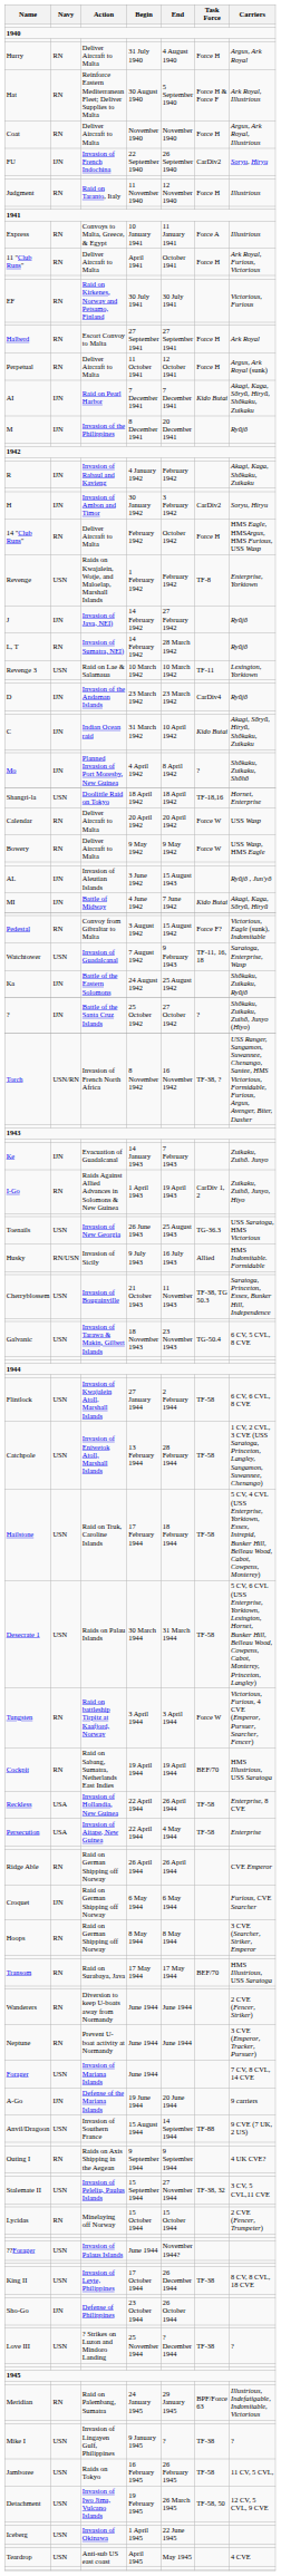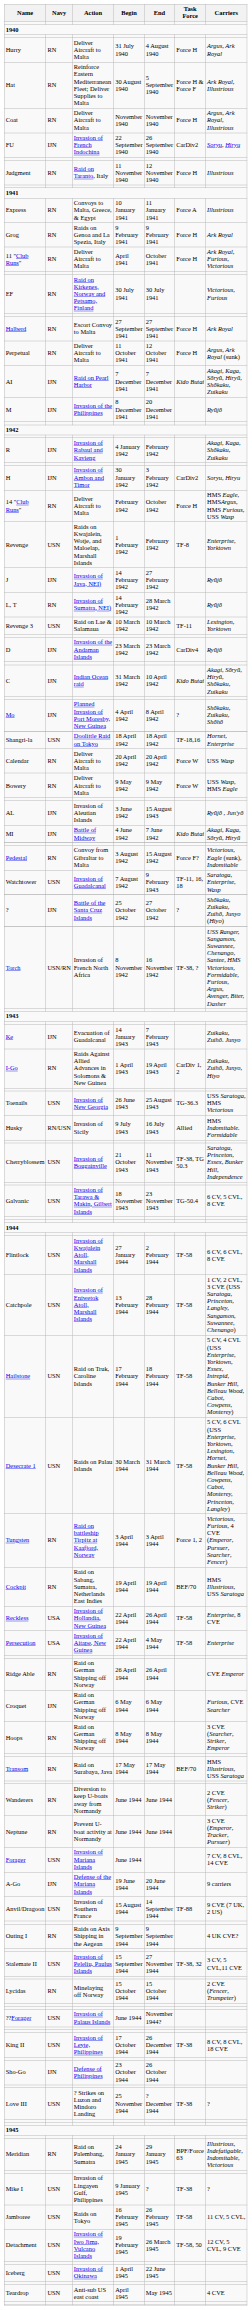 <table class="wikitable sortable">
 <tr>
 <th scope="col">Name</th>
 <th scope="col">Navy</th>
 <th scope="col">Action</th>
 <th scope="col" data-sort-type="date">Begin</th>
 <th scope="col" data-sort-type="date">End</th>
 <th scope="col">Task Force</th>
 <th scope="col">Carriers</th>
 </tr>
 <tr>
 <td></td>
 <td></td>
 <td></td>
 <td></td>
 <td></td>
 <td></td>
 <td></td>
 </tr>
 <tr id="1940">
 <td colspan="7"><strong>1940</strong></td>
 </tr>
 <tr>
 <td></td>
 <td></td>
 <td></td>
 <td></td>
 <td></td>
 <td></td>
 <td></td>
 </tr>
 <tr>
 <td>Hurry</td>
 <td>RN</td>
 <td>Deliver Aircraft to Malta</td>
 <td>31 July 1940</td>
 <td>4 August 1940</td>
 <td>Force H</td>
 <td><em>Argus</em>, <em>Ark Royal</em></td>
 </tr>
 <tr>
 <td>Hat</td>
 <td>RN</td>
 <td>Reinforce Eastern Mediterranean Fleet; Deliver Supplies to Malta</td>
 <td>30 August 1940</td>
 <td>5 September 1940</td>
 <td>Force H & Force F</td>
 <td><em>Ark Royal</em>, <em>Illustrious</em></td>
 </tr>
 <tr>
 <td>Coat</td>
 <td>RN</td>
 <td>Deliver Aircraft to Malta</td>
 <td data-sort-value="1 November 1940">November 1940</td>
 <td data-sort-value="1 November 1940">November 1940</td>
 <td>Force H</td>
 <td><em> Argus</em>, <em>Ark Royal</em>, <em>Illustrious</em></td>
 </tr>
 <tr>
 <td>FU</td>
 <td>IJN</td>
 <td><a href='#'>Invasion of French Indochina</a></td>
 <td>22 September 1940</td>
 <td>26 September 1940</td>
 <td>CarDiv2</td>
 <td><em><a href='#'>Soryu</a></em>, <em><a href='#'>Hiryu</a></em></td>
 </tr>
 <tr>
 <td></td>
 <td></td>
 <td></td>
 <td></td>
 <td></td>
 <td></td>
 <td></td>
 </tr>
 <tr>
 <td>Judgment</td>
 <td>RN</td>
 <td><a href='#'>Raid on Taranto</a>, Italy</td>
 <td>11 November 1940</td>
 <td>12 November 1940</td>
 <td>Force H</td>
 <td><em>Illustrious</em></td>
 </tr>
 <tr>
 <td></td>
 <td></td>
 <td></td>
 <td></td>
 <td></td>
 <td></td>
 <td></td>
 </tr>
 <tr id="1941">
 <td colspan="7"><strong>1941</strong></td>
 </tr>
 <tr>
 <td>Express</td>
 <td>RN</td>
 <td>Convoys to Malta, Greece, & Egypt</td>
 <td>10 January 1941</td>
 <td>11 January 1941</td>
 <td>Force A</td>
 <td><em>Illustrious</em></td>
+</tr>
+<tr>
+<td>Grog</td>
+<td>RN</td>
+<td>Raids on Genoa and La Spezia, Italy</td>
+<td>9 February 1941</td>
+<td>9 February 1941</td>
+<td>Force H</td>
+<td><em>Ark Royal</em></td>
 </tr>
 <tr>
 <td>11 "<a href='#'>Club Runs</a>"</td>
 <td>RN</td>
 <td>Deliver Aircraft to Malta</td>
 <td data-sort-value="1 April 1941">April 1941</td>
 <td data-sort-value="1 October 1941">October 1941</td>
 <td>Force H</td>
 <td><em>Ark Royal</em>, <em>Furious</em>, <em>Victorious</em></td>
 </tr>
 <tr>
 <td></td>
 <td></td>
 <td></td>
 <td></td>
 <td></td>
 <td></td>
 <td></td>
 </tr>
 <tr>
 <td>EF</td>
 <td>RN</td>
 <td><a href='#'>Raid on Kirkenes, Norway and Petsamo, Finland</a></td>
 <td>30 July 1941</td>
 <td>30 July 1941</td>
 <td></td>
 <td><em>Victorious</em>, <em>Furious</em></td>
 </tr>
 <tr>
 <td></td>
 <td></td>
 <td></td>
 <td></td>
 <td></td>
 <td></td>
 <td></td>
 </tr>
 <tr>
 <td><a href='#'>Halberd</a></td>
 <td>RN</td>
 <td>Escort Convoy to Malta</td>
 <td>27 September 1941</td>
 <td>27 September 1941</td>
 <td>Force H</td>
 <td><em>Ark Royal</em></td>
 </tr>
 <tr>
 <td>Perpetual</td>
 <td>RN</td>
 <td>Deliver Aircraft to Malta</td>
 <td>11 October 1941</td>
 <td>12 October 1941</td>
 <td>Force H</td>
 <td><em>Argus</em>, <em>Ark Royal</em> (sunk)</td>
 </tr>
 <tr>
 <td>AI</td>
 <td>IJN</td>
 <td><a href='#'>Raid on Pearl Harbor</a></td>
 <td>7 December 1941</td>
 <td>7 December 1941</td>
 <td><em>Kido Butai</em></td>
 <td><em>Akagi</em>, <em>Kaga</em>, <em>Sōryū</em>, <em>Hiryū</em>, <em>Shōkaku</em>, <em>Zuikaku</em></td>
 </tr>
 <tr>
 <td>M</td>
 <td>IJN</td>
 <td><a href='#'>Invasion of the Philippines</a></td>
 <td>8 December 1941</td>
 <td>20 December 1941</td>
 <td></td>
 <td><em>Ryūjō</em></td>
 </tr>
 <tr>
 <td></td>
 <td></td>
 <td></td>
 <td></td>
 <td></td>
 <td></td>
 <td></td>
 </tr>
 <tr id="1942">
 <td colspan="7"><strong>1942</strong></td>
 </tr>
 <tr>
 <td></td>
 <td></td>
 <td></td>
 <td></td>
 <td></td>
 <td></td>
 <td></td>
 </tr>
 <tr>
 <td>R</td>
 <td>IJN</td>
 <td><a href='#'>Invasion of Rabaul and Kavieng</a></td>
 <td>4 January 1942</td>
 <td data-sort-value="1 February 1942">February 1942</td>
 <td></td>
 <td><em>Akagi</em>, <em>Kaga</em>, <em>Shōkaku</em>, <em>Zuikaku</em></td>
 </tr>
 <tr>
 <td></td>
 <td></td>
 <td></td>
 <td></td>
 <td></td>
 <td></td>
 <td></td>
 </tr>
 <tr>
 <td>H</td>
 <td>IJN</td>
 <td><a href='#'>Invasion of Ambon and Timor</a></td>
 <td>30 January 1942</td>
 <td>3 February 1942</td>
 <td>CarDiv2</td>
 <td><em>Soryu</em>, <em>Hiryu</em></td>
 </tr>
 <tr>
 <td>14 "<a href='#'>Club Runs</a>"</td>
 <td>RN</td>
 <td>Deliver Aircraft to Malta</td>
 <td data-sort-value="1 February 1942">February 1942</td>
 <td data-sort-value="1 October 1942">October 1942</td>
 <td>Force H</td>
 <td>HMS <em>Eagle</em>, HMS<em>Argus</em>, HMS <em>Furious</em>, USS <em>Wasp</em></td>
 </tr>
 <tr>
 <td>Revenge</td>
 <td>USN</td>
 <td>Raids on Kwajalein, Wotje, and Maloelap, Marshall Islands</td>
 <td>1 February 1942</td>
 <td data-sort-value="1 February 1942">February 1942</td>
 <td>TF-8</td>
 <td><em>Enterprise</em>, <em>Yorktown</em></td>
 </tr>
 <tr>
 <td>J</td>
 <td>IJN</td>
 <td><a href='#'>Invasion of Java, NEI)</a></td>
 <td>14 February 1942</td>
 <td>27 February 1942</td>
 <td></td>
 <td><em>Ryūjō</em></td>
 </tr>
 <tr>
 <td>L, T</td>
 <td>RN</td>
 <td><a href='#'>Invasion of Sumatra, NEI)</a></td>
 <td>14 February 1942</td>
 <td>28 March 1942</td>
 <td></td>
 <td><em>Ryūjō</em></td>
 </tr>
 <tr>
 <td>Revenge 3</td>
 <td>USN</td>
 <td>Raid on Lae & Salamaua</td>
 <td>10 March 1942</td>
 <td>10 March 1942</td>
 <td>TF-11</td>
 <td><em>Lexington</em>, <em>Yorktown</em></td>
 </tr>
 <tr>
 <td></td>
 <td></td>
 <td></td>
 <td></td>
 <td></td>
 <td></td>
 <td></td>
 </tr>
 <tr>
 <td>D</td>
 <td>IJN</td>
 <td><a href='#'>Invasion of the Andaman Islands</a></td>
 <td>23 March 1942</td>
 <td>23 March 1942</td>
 <td>CarDiv4</td>
 <td><em>Ryūjō</em></td>
 </tr>
 <tr>
 <td></td>
 <td></td>
 <td></td>
 <td></td>
 <td></td>
 <td></td>
 <td></td>
 </tr>
 <tr>
 <td>C</td>
 <td>IJN</td>
 <td><a href='#'>Indian Ocean raid</a></td>
 <td>31 March 1942</td>
 <td>10 April 1942</td>
 <td><em>Kido Butai</em></td>
 <td><em>Akagi</em>, <em>Sōryū</em>, <em>Hiryū</em>, <em>Shōkaku</em>, <em>Zuikaku</em></td>
 </tr>
 <tr>
 <td></td>
 <td></td>
 <td></td>
 <td></td>
 <td></td>
 <td></td>
 <td></td>
 </tr>
 <tr>
 <td><a href='#'>Mo</a></td>
 <td>IJN</td>
 <td><a href='#'>Planned Invasion of Port Moresby, New Guinea</a></td>
 <td>4 April 1942</td>
 <td>8 April 1942</td>
 <td>?</td>
 <td><em>Shōkaku</em>, <em>Zuikaku</em>, <em>Shōhō </em></td>
 </tr>
 <tr>
 </tr>
 <tr - ||USN || >
 </tr>
 <tr>
 <td>Shangri-la</td>
 <td>USN</td>
 <td><a href='#'>Doolittle Raid on Tokyo</a></td>
 <td>18 April 1942</td>
 <td>18 April 1942</td>
 <td>TF-18,16</td>
 <td><em>Hornet</em>, <em>Enterprise</em></td>
 </tr>
 <tr>
 <td>Calendar</td>
 <td>RN</td>
 <td>Deliver Aircraft to Malta</td>
 <td>20 April 1942</td>
 <td>20 April 1942</td>
 <td>Force W</td>
 <td>USS <em>Wasp</em></td>
 </tr>
 <tr>
 <td>Bowery</td>
 <td>RN</td>
 <td>Deliver Aircraft to Malta</td>
 <td>9 May 1942</td>
 <td>9 May 1942</td>
 <td>Force W</td>
 <td>USS <em>Wasp</em>, HMS <em>Eagle</em></td>
 </tr>
 <tr>
 <td></td>
 <td></td>
 <td></td>
 <td></td>
 <td></td>
 <td></td>
 <td></td>
 </tr>
 <tr>
 <td>AL</td>
 <td>IJN</td>
 <td>Invasion of Aleutian Islands</td>
 <td>3 June 1942</td>
 <td>15 August 1943</td>
 <td></td>
 <td><em>Ryūjō </em>, <em>Jun'yō </em></td>
 </tr>
 <tr>
 <td>MI</td>
 <td>IJN</td>
 <td><a href='#'>Battle of Midway</a></td>
 <td>4 June 1942</td>
 <td>7 June 1942</td>
 <td><em>Kido Butai</em></td>
 <td><em>Akagi</em>, <em>Kaga</em>, <em>Sōryū</em>, <em>Hiryū</em></td>
 </tr>
 <tr>
 </tr>
 <tr - ||USN ||>
 </tr>
 <tr>
 <td></td>
 <td></td>
 <td></td>
 <td></td>
 <td></td>
 <td></td>
 <td></td>
 </tr>
 <tr>
 <td><a href='#'>Pedestal</a></td>
 <td>RN</td>
 <td>Convoy from Gibraltar to Malta</td>
 <td>3 August 1942</td>
 <td>15 August 1942</td>
 <td>Force F?</td>
 <td><em>Victorious</em>, <em>Eagle</em> (sunk), <em>Indomitable</em></td>
 </tr>
 <tr>
 <td>Watchtower</td>
 <td>USN</td>
 <td><a href='#'>Invasion of Guadalcanal</a></td>
 <td>7 August 1942</td>
 <td>9 February 1943</td>
 <td>TF-11, 16, 18</td>
 <td><em>Saratoga</em>, <em>Enterprise</em>, <em>Wasp</em></td>
 </tr>
 <tr>
-<td>Ka</td>
-<td>IJN</td>
-<td><a href='#'>Battle of the Eastern Solomons</a></td>
-<td>24 August 1942</td>
-<td>25 August 1942</td>
-<td></td>
-<td><em>Shōkaku</em>, <em>Zuikaku</em>, <em>Ryūjō</em></td>
-</tr>
-<tr>
 </tr>
 <tr - ||USN ||>
 </tr>
 <tr>
 <td>?</td>
 <td>IJN</td>
 <td><a href='#'>Battle of the Santa Cruz Islands</a></td>
 <td>25 October 1942</td>
 <td>27 October 1942</td>
 <td>?</td>
 <td><em>Shōkaku</em>, <em>Zuikaku</em>, <em>Zuihō, Junyo </em> (<em>Hiyo</em>)</td>
 </tr>
 <tr>
 </tr>
 <tr - ||USN ||>
 </tr>
 <tr>
 <td><a href='#'>Torch</a></td>
 <td>USN/RN</td>
 <td>Invasion of French North Africa</td>
 <td>8 November 1942</td>
 <td>16 November 1942</td>
 <td>TF-38, ?</td>
 <td><em>USS Ranger, Sangamon, Suwannee, Chenango, Santee, HMS Victorious, Formidable, Furious, Argus, Avenger, Biter, Dasher</em></td>
 </tr>
 <tr>
 <td></td>
 <td></td>
 <td></td>
 <td></td>
 <td></td>
 <td></td>
 <td></td>
 </tr>
 <tr id="1943">
 <td colspan="7"><strong>1943</strong></td>
 </tr>
 <tr>
 <td></td>
 <td></td>
 <td></td>
 <td></td>
 <td></td>
 <td></td>
 <td></td>
 </tr>
 <tr>
 <td><a href='#'>Ke</a></td>
 <td>IJN</td>
 <td>Evacuation of Guadalcanal</td>
 <td>14 January 1943</td>
 <td>7 February 1943</td>
 <td></td>
 <td><em>Zuikaku</em>, <em>Zuihō</em>. <em>Junyo</em></td>
 </tr>
 <tr>
 <td><a href='#'>I-Go</a></td>
 <td>RN</td>
 <td>Raids Against Allied Advances in Solomons & New Guinea</td>
 <td>1 April 1943</td>
 <td>19 April 1943</td>
 <td>CarDiv 1, 2</td>
 <td><em>Zuikaku</em>, <em>Zuihō</em>, <em>Junyo</em>, <em>Hiyo</em></td>
 </tr>
 <tr>
 <td></td>
 <td></td>
 <td></td>
 <td></td>
 <td></td>
 <td></td>
 <td></td>
 </tr>
 <tr>
 <td>Toenails</td>
 <td>USN</td>
 <td><a href='#'>Invasion of New Georgia</a></td>
 <td>26 June 1943</td>
 <td>25 August 1943</td>
 <td>TG-36.3</td>
 <td>USS <em>Saratoga</em>, HMS <em>Victorious</em></td>
 </tr>
 <tr>
 <td>Husky</td>
 <td>RN/USN</td>
 <td>Invasion of Sicily</td>
 <td>9 July 1943</td>
 <td>16 July 1943</td>
 <td>Allied</td>
 <td>HMS <em>Indomitable. Formidable</em></td>
 </tr>
 <tr>
 <td></td>
 <td></td>
 <td></td>
 <td></td>
 <td></td>
 <td></td>
 <td></td>
 </tr>
 <tr>
 <td>Cherryblossem</td>
 <td>USN</td>
 <td><a href='#'>Invasion of Bougainville</a></td>
 <td>21 October 1943</td>
 <td>11 November 1943</td>
 <td>TF-38, TG 50.3</td>
 <td><em>Saratoga, Princeton, Essex, Bunker Hill, Independence</em></td>
 </tr>
 <tr>
 <td></td>
 <td></td>
 <td></td>
 <td></td>
 <td></td>
 <td></td>
 <td></td>
 </tr>
 <tr>
 <td>Galvanic</td>
 <td>USN</td>
 <td><a href='#'>Invasion of Tarawa & Makin, Gilbert Islands</a></td>
 <td>18 November 1943</td>
 <td>23 November 1943</td>
 <td>TG-50.4</td>
 <td>6 CV, 5 CVL, 8 CVE</td>
 </tr>
 <tr>
 <td></td>
 <td></td>
 <td></td>
 <td></td>
 <td></td>
 <td></td>
 <td></td>
 </tr>
 <tr>
 <td></td>
 <td></td>
 <td></td>
 <td></td>
 <td></td>
 <td></td>
 <td></td>
 </tr>
 <tr id="1944">
 <td colspan="7"><strong>1944</strong></td>
 </tr>
 <tr>
 <td></td>
 <td></td>
 <td></td>
 <td></td>
 <td></td>
 <td></td>
 <td></td>
 </tr>
 <tr>
 <td>Flintlock</td>
 <td>USN</td>
 <td><a href='#'>Invasion of Kwajalein Atoll, Marshall Islands</a></td>
 <td>27 January 1944</td>
 <td>2 February 1944</td>
 <td>TF-58</td>
 <td>6 CV, 6 CVL, 8 CVE</td>
 </tr>
 <tr>
 <td>Catchpole</td>
 <td>USN</td>
 <td><a href='#'>Invasion of Eniwetok Atoll, Marshall Islands</a></td>
 <td>13 February 1944</td>
 <td>28 February 1944</td>
 <td>TF-58</td>
 <td>1 CV, 2 CVL, 3 CVE (USS <em>Saratoga</em>, <em>Princeton, Langley, Sangamon, Suwannee, Chenango</em>)</td>
 </tr>
 <tr>
 <td><a href='#'>Hailstone</a></td>
 <td>USN</td>
 <td>Raid on Truk, Caroline Islands</td>
 <td>17 February 1944</td>
 <td>18 February 1944</td>
 <td>TF-58</td>
 <td>5 CV, 4 CVL (USS <em>Enterprise, Yorktown, Essex, Intrepid, Bunker Hill, Belleau Wood, Cabot, Cowpens, Monterey</em>)</td>
 </tr>
 <tr>
 <td><a href='#'>Desecrate 1</a></td>
 <td>USN</td>
 <td>Raids on Palau Islands</td>
 <td>30 March 1944</td>
 <td>31 March 1944</td>
 <td>TF-58</td>
 <td>5 CV, 6 CVL (USS <em>Enterprise, Yorktown, Lexington, Hornet, Bunker Hill, Belleau Wood, Cowpens, Cabot, Monterey, Princeton, Langley</em>)</td>
 </tr>
 <tr>
 <td><a href='#'>Tungsten</a></td>
 <td>RN</td>
 <td><a href='#'>Raid on battleship Tirpitz at Kaafjord, Norway</a></td>
 <td>3 April 1944</td>
 <td>3 April 1944</td>
-<td>Force W</td>
+<td>Force 1, 2</td>
 <td><em>Victorious</em>, <em>Furious</em>, 4 CVE (<em>Emperor</em>, <em>Pursuer</em>, <em>Searcher</em>, <em>Fencer</em>)</td>
 </tr>
 <tr>
 <td><a href='#'>Cockpit</a></td>
 <td>RN</td>
 <td>Raid on Sabang, Sumatra, Netherlands East Indies</td>
 <td>19 April 1944</td>
 <td>19 April 1944</td>
 <td>BEF/70</td>
 <td>HMS <em>Illustrious</em>, USS <em>Saratoga</em></td>
 </tr>
 <tr>
 <td><a href='#'>Reckless</a></td>
 <td>USA</td>
 <td><a href='#'>Invasion of Hollandia, New Guinea</a></td>
 <td>22 April 1944</td>
 <td>26 April 1944</td>
 <td>TF-58</td>
 <td><em>Enterprise</em>, 8 CVE</td>
 </tr>
 <tr>
 <td><a href='#'>Persecution</a></td>
 <td>USA</td>
 <td><a href='#'>Invasion of Aitape, New Guinea</a></td>
 <td>22 April 1944</td>
 <td>4 May 1944</td>
 <td>TF-58</td>
 <td><em>Enterprise</em></td>
 </tr>
 <tr>
 <td></td>
 <td></td>
 <td></td>
 <td></td>
 <td></td>
 <td></td>
 <td></td>
 </tr>
 <tr>
 <td>Ridge Able</td>
 <td>RN</td>
 <td>Raid on German Shipping off Norway</td>
 <td>26 April 1944</td>
 <td>26 April 1944</td>
 <td></td>
 <td>CVE <em>Emperor</em></td>
 </tr>
 <tr>
 <td>Croquet</td>
 <td>IJN</td>
 <td>Raid on German Shipping off Norway</td>
 <td>6 May 1944</td>
 <td>6 May 1944</td>
 <td></td>
 <td><em>Furious</em>, CVE <em>Searcher</em></td>
 </tr>
 <tr>
 <td>Hoops</td>
 <td>RN</td>
 <td>Raid on German Shipping off Norway</td>
 <td>8 May 1944</td>
 <td>8 May 1944</td>
 <td></td>
 <td>3 CVE (<em>Searcher</em>, <em>Striker</em>, <em>Emperor</em></td>
 </tr>
 <tr>
 <td></td>
 <td></td>
 <td></td>
 <td></td>
 <td></td>
 <td></td>
 <td></td>
 </tr>
 <tr>
 <td><a href='#'>Transom</a></td>
 <td>RN</td>
 <td>Raid on Surabaya, Java</td>
 <td>17 May 1944</td>
 <td>17 May 1944</td>
 <td>BEF/70</td>
 <td>HMS <em>Illustrious</em>, USS <em>Saratoga</em></td>
 </tr>
 <tr>
 <td></td>
 <td></td>
 <td></td>
 <td></td>
 <td></td>
 <td></td>
 <td></td>
 </tr>
 <tr>
 <td>Wanderers</td>
 <td>RN</td>
 <td>Diversion to keep U-boats away from Normandy</td>
 <td data-sort-value="1 June 1944">June 1944</td>
 <td data-sort-value="1 June 1944">June 1944</td>
 <td></td>
 <td>2 CVE (<em>Fencer</em>, <em>Striker</em>)</td>
 </tr>
 <tr>
 <td>Neptune</td>
 <td>RN</td>
 <td>Prevent U-boat activity at Normandy</td>
 <td data-sort-value="1 June 1944">June 1944</td>
 <td data-sort-value="1 June 1944">June 1944</td>
 <td></td>
 <td>3 CVE (<em>Emperor</em>, <em>Tracker</em>, <em>Pursuer</em>)</td>
 </tr>
 <tr>
 <td><a href='#'>Forager</a></td>
 <td>USN</td>
 <td><a href='#'>Invasion of Mariana Islands</a></td>
 <td data-sort-value="1 June 1944">June 1944</td>
 <td></td>
 <td></td>
 <td>7 CV, 8 CVL, 14 CVE</td>
 </tr>
 <tr>
 <td>A-Go</td>
 <td>IJN</td>
 <td><a href='#'>Defense of the Mariana Islands</a></td>
 <td>19 June 1944</td>
 <td>20 June 1944</td>
 <td></td>
 <td>9 carriers</td>
 </tr>
 <tr>
 <td>Anvil/Dragoon</td>
 <td>USN</td>
 <td>Invasion of Southern France</td>
 <td>15 August 1944</td>
 <td>14 September 1944</td>
 <td>TF-88</td>
 <td>9 CVE (7 UK, 2 US)</td>
 </tr>
 <tr>
 <td></td>
 <td></td>
 <td></td>
 <td></td>
 <td></td>
 <td></td>
 <td></td>
 </tr>
 <tr>
 <td>Outing I</td>
 <td>RN</td>
 <td>Raids on Axis Shipping in the Aegean</td>
 <td>9 September 1944</td>
 <td>9 September 1944</td>
 <td></td>
 <td>4 UK CVE?</td>
 </tr>
 <tr>
 <td></td>
 <td></td>
 <td></td>
 <td></td>
 <td></td>
 <td></td>
 <td></td>
 </tr>
 <tr>
 <td>Stalemate II</td>
 <td>USN</td>
 <td><a href='#'>Invasion of Peleliu, Paulus Islands</a></td>
 <td>15 September 1944</td>
 <td>27 November 1944</td>
 <td>TF-38, 32</td>
 <td>3 CV, 5 CVL,11 CVE</td>
 </tr>
 <tr>
 <td></td>
 <td></td>
 <td></td>
 <td></td>
 <td></td>
 <td></td>
 <td></td>
 </tr>
 <tr>
 <td>Lycidas</td>
 <td>RN</td>
 <td>Minelaying off Norway</td>
 <td>15 October 1944</td>
 <td>15 October 1944</td>
 <td></td>
 <td>2 CVE (<em>Fencer</em>, <em>Trumpeter</em>)</td>
 </tr>
 <tr>
 <td></td>
 <td></td>
 <td></td>
 <td></td>
 <td></td>
 <td></td>
 <td></td>
 </tr>
 <tr>
 <td></td>
 <td></td>
 <td></td>
 <td></td>
 <td></td>
 <td></td>
 <td></td>
 </tr>
 <tr>
 <td>??<a href='#'>Forager</a></td>
 <td>USN</td>
 <td><a href='#'>Invasion of Palaus Islands</a></td>
 <td data-sort-value="1 June 1944">June 1944</td>
 <td data-sort-value="1 November 1944">November 1944?</td>
 <td></td>
 <td></td>
 </tr>
 <tr>
 <td></td>
 <td></td>
 <td></td>
 <td></td>
 <td></td>
 <td></td>
 <td></td>
 </tr>
 <tr>
 <td></td>
 <td></td>
 <td></td>
 <td></td>
 <td></td>
 <td></td>
 <td></td>
 </tr>
 <tr>
 <td>King II</td>
 <td>USN</td>
 <td><a href='#'>Invasion of Leyte, Philippines</a></td>
 <td>17 October 1944</td>
 <td>26 December 1944</td>
 <td>TF-38</td>
 <td>8 CV, 8 CVL, 18 CVE</td>
 </tr>
 <tr>
 <td></td>
 <td></td>
 <td></td>
 <td></td>
 <td></td>
 <td></td>
 <td></td>
 </tr>
 <tr>
 <td>Sho-Go</td>
 <td>IJN</td>
 <td><a href='#'>Defense of Philippines</a></td>
 <td>23 October 1944</td>
 <td>26 October 1944</td>
 <td></td>
 <td></td>
 </tr>
 <tr>
 <td></td>
 <td></td>
 <td></td>
 <td></td>
 <td></td>
 <td></td>
 <td></td>
 </tr>
 <tr>
 <td>Love III</td>
 <td>USN</td>
 <td>? Strikes on Luzon and Mindoro Landing</td>
 <td>25 November 1944</td>
 <td data-sort-value="1 December 1944">? December 1944</td>
 <td>TF-38</td>
 <td>?</td>
 </tr>
 <tr>
 <td></td>
 <td></td>
 <td></td>
 <td></td>
 <td></td>
 <td></td>
 <td></td>
 </tr>
 <tr>
 <td></td>
 <td></td>
 <td></td>
 <td></td>
 <td></td>
 <td></td>
 <td></td>
 </tr>
 <tr id="1945">
 <td colspan="7"><strong>1945</strong></td>
 </tr>
 <tr>
 <td></td>
 <td></td>
 <td></td>
 <td></td>
 <td></td>
 <td></td>
 <td></td>
 </tr>
 <tr>
 <td>Meridian</td>
 <td>RN</td>
 <td>Raid on Palembang, Sumatra</td>
 <td>24 January 1945</td>
 <td>29 January 1945</td>
 <td>BPF/Force 63</td>
 <td><em> Illustrious</em>, <em>Indefatigable</em>, <em>Indomitable</em>, <em>Victorious</em></td>
 </tr>
 <tr>
 <td></td>
 <td></td>
 <td></td>
 <td></td>
 <td></td>
 <td></td>
 <td></td>
 </tr>
 <tr>
 <td>Mike I</td>
 <td>USN</td>
 <td>Invasion of Lingayen Gulf, Philippines</td>
 <td>9 January 1945</td>
 <td>?</td>
 <td>TF-38</td>
 <td>?</td>
 </tr>
 <tr>
 <td>Jamboree</td>
 <td>USN</td>
 <td>Raids on Tokyo</td>
 <td>16 February 1945</td>
 <td>26 February 1945</td>
 <td>TF-58</td>
 <td>11 CV, 5 CVL,</td>
 </tr>
 <tr>
 <td>Detachment</td>
 <td>USN</td>
 <td><a href='#'>Invasion of Iwo Jima, Vulcano Islands</a></td>
 <td>19 February 1945</td>
 <td>26 March 1945</td>
 <td>TF-58, 50</td>
 <td>12 CV, 5 CVL, 9 CVE</td>
 </tr>
 <tr>
 <td></td>
 <td></td>
 <td></td>
 <td></td>
 <td></td>
 <td></td>
 <td></td>
 </tr>
 <tr>
 <td>Iceberg</td>
 <td>USN</td>
 <td><a href='#'>Invasion of Okinawa</a></td>
 <td>1 April 1945</td>
 <td>22 June 1945</td>
 <td></td>
 <td></td>
 </tr>
 <tr>
 <td></td>
 <td></td>
 <td></td>
 <td></td>
 <td></td>
 <td></td>
 <td></td>
 </tr>
 <tr>
 <td>Teardrop</td>
 <td>USN</td>
 <td>Anti-sub US east coast</td>
 <td data-sort-value="1 April 1945">April 1945</td>
 <td data-sort-value="1 May 1945">May 1945</td>
 <td></td>
 <td>4 CVE</td>
 </tr>
 <tr>
 <td></td>
 <td></td>
 <td></td>
 <td></td>
 <td></td>
 <td></td>
 <td></td>
 </tr>
 <tr>
 </tr>
 </table>
